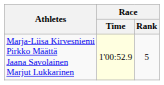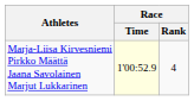 <table class="wikitable" border="1" style="font-size:90%">
 <tr>
 <th rowspan=2>Athletes</th>
 <th colspan=2>Race</th>
 </tr>
 <tr>
 <th>Time</th>
 <th>Rank</th>
 </tr>
 <tr>
 <td><a href='#'>Marja-Liisa Kirvesniemi</a><br><a href='#'>Pirkko Määttä</a><br><a href='#'>Jaana Savolainen</a><br><a href='#'>Marjut Lukkarinen</a></td>
 <td align=center style="background: lightyellow;">1'00:52.9</td>
-<td align=center>5</td>
+<td align=center>4</td>
 </tr>
 </table>
